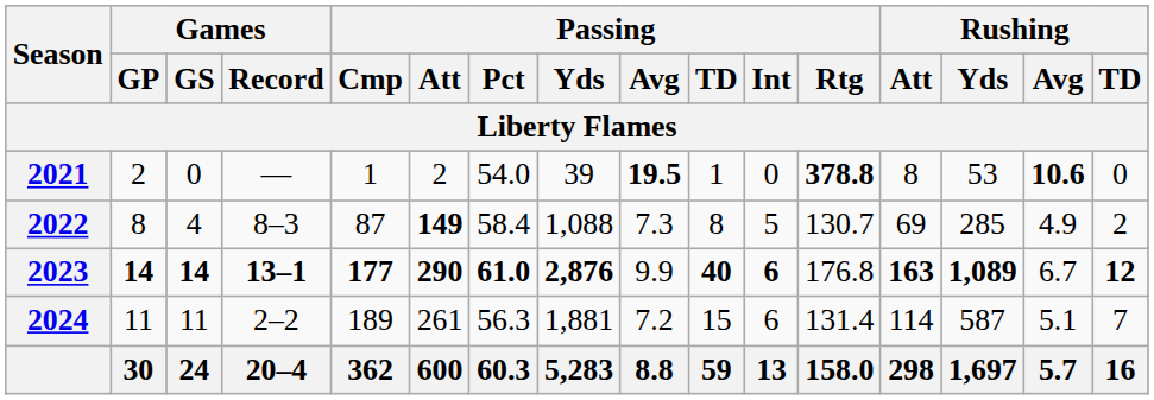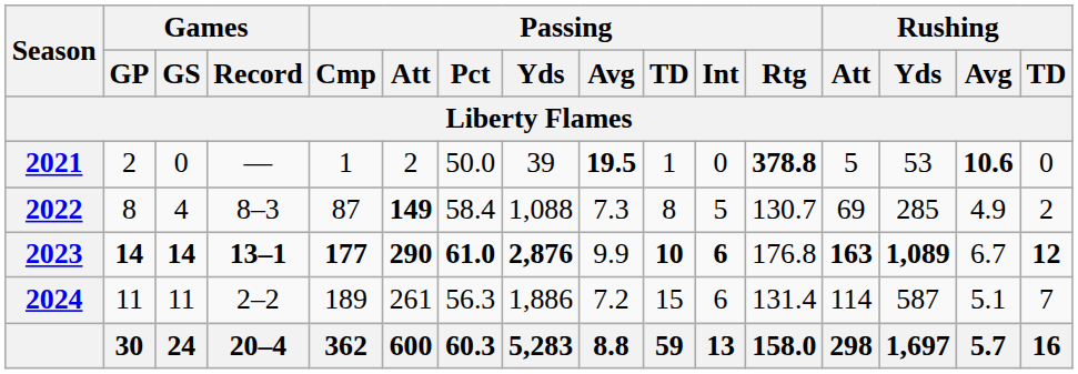 <table class="wikitable" style="text-align:center;">
 <tr>
 <th rowspan="2">Season</th>
 <th colspan="3">Games</th>
 <th colspan="8">Passing</th>
 <th colspan="5">Rushing</th>
 </tr>
 <tr>
 <th>GP</th>
 <th>GS</th>
 <th>Record</th>
 <th>Cmp</th>
 <th>Att</th>
 <th>Pct</th>
 <th>Yds</th>
 <th>Avg</th>
 <th>TD</th>
 <th>Int</th>
 <th>Rtg</th>
 <th>Att</th>
 <th>Yds</th>
 <th>Avg</th>
 <th>TD</th>
 </tr>
 <tr>
 <th colspan="16">Liberty Flames</th>
 </tr>
 <tr>
 <th><a href='#'>2021</a></th>
 <td>2</td>
 <td>0</td>
 <td>—</td>
 <td>1</td>
 <td>2</td>
-<td>54.0</td>
+<td>50.0</td>
 <td>39</td>
 <td><strong>19.5</strong></td>
 <td>1</td>
 <td>0</td>
 <td><strong>378.8</strong></td>
-<td>8</td>
+<td>5</td>
 <td>53</td>
 <td><strong>10.6</strong></td>
 <td>0</td>
 </tr>
 <tr>
 <th><a href='#'>2022</a></th>
 <td>8</td>
 <td>4</td>
 <td>8–3</td>
 <td>87</td>
 <td><strong>149</strong></td>
 <td>58.4</td>
 <td>1,088</td>
 <td>7.3</td>
 <td>8</td>
 <td>5</td>
 <td>130.7</td>
 <td>69</td>
 <td>285</td>
 <td>4.9</td>
 <td>2</td>
 </tr>
 <tr>
 <th><a href='#'>2023</a></th>
 <td><strong>14</strong></td>
 <td><strong>14</strong></td>
 <td><strong>13–1</strong></td>
 <td><strong>177</strong></td>
 <td><strong>290</strong></td>
 <td><strong>61.0</strong></td>
 <td><strong>2,876</strong></td>
 <td>9.9</td>
-<td><strong>40</strong></td>
+<td><strong>10</strong></td>
 <td><strong>6</strong></td>
 <td>176.8</td>
 <td><strong>163</strong></td>
 <td><strong>1,089</strong></td>
 <td>6.7</td>
 <td><strong>12</strong></td>
 </tr>
 <tr>
 <th><a href='#'>2024</a></th>
 <td>11</td>
 <td>11</td>
 <td>2–2</td>
 <td>189</td>
 <td>261</td>
 <td>56.3</td>
-<td>1,881</td>
+<td>1,886</td>
 <td>7.2</td>
 <td>15</td>
 <td>6</td>
 <td>131.4</td>
 <td>114</td>
 <td>587</td>
 <td>5.1</td>
 <td>7</td>
 </tr>
 <tr>
 <th></th>
 <th>30</th>
 <th>24</th>
 <th>20–4</th>
 <th>362</th>
 <th>600</th>
 <th>60.3</th>
 <th>5,283</th>
 <th>8.8</th>
 <th>59</th>
 <th>13</th>
 <th>158.0</th>
 <th>298</th>
 <th>1,697</th>
 <th>5.7</th>
 <th>16</th>
 </tr>
 </table>
